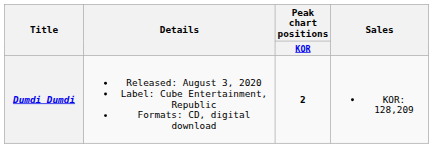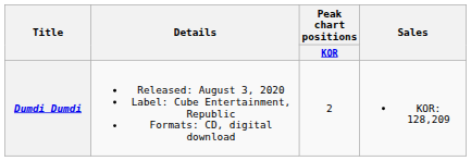 <table class="wikitable plainrowheaders" style="text-align:center">
 <tr>
 <th scope="col" rowspan="2" style="width:8em">Title</th>
 <th scope="col" rowspan="2" style="width:20em">Details</th>
 <th scope="col" colspan="1">Peak chart positions</th>
 <th scope="col" rowspan="2" style="width:10em">Sales</th>
 </tr>
 <tr>
 <th scope="col" style="width:3em;font-size:90%"><a href='#'>KOR</a><br></th>
 </tr>
 <tr>
 <th scope="row"><em><a href='#'>Dumdi Dumdi</a></em></th>
 <td><br><ul><li>Released: August 3, 2020</li><li>Label: Cube Entertainment, Republic</li><li>Formats: CD, digital download</li></ul></td>
-<td><strong>2</strong></td>
+<td>2</td>
 <td><br><ul><li>KOR: 128,209</li></ul></td>
 </tr>
 </table>
